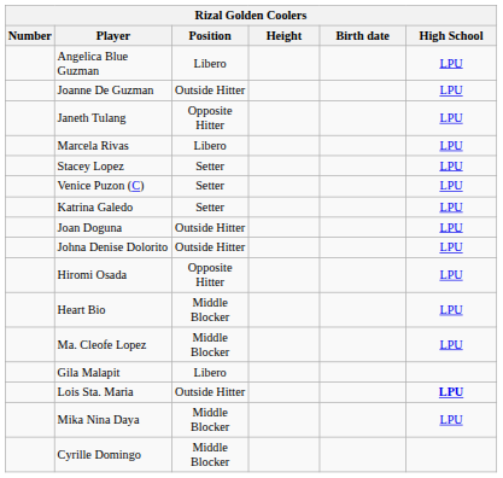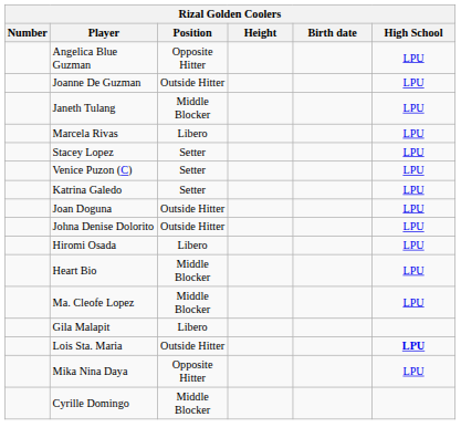 <table class="wikitable sortable" style="font-size:95%; text-align:left;">
 <tr>
 <th colspan="7"><strong>Rizal Golden Coolers</strong></th>
 </tr>
 <tr>
 <th style= "align=center; width:1em;">Number</th>
 <th style= "align=center;width:17em;">Player</th>
 <th style= "align=center; width:9em;">Position</th>
 <th style= "align=center; width:9em;">Height</th>
 <th style= "align=center; width:13em;">Birth date</th>
 <th style= "align=center; width:13em;">High School</th>
 </tr>
 <tr align=center>
 <td></td>
 <td align=left>Angelica Blue Guzman</td>
-<td>Libero</td>
+<td>Opposite Hitter</td>
 <td></td>
 <td></td>
 <td><a href='#'>LPU</a></td>
 </tr>
 <tr align=center>
 <td></td>
 <td align=left>Joanne De Guzman</td>
 <td>Outside Hitter</td>
 <td></td>
 <td></td>
 <td><a href='#'>LPU</a></td>
 </tr>
 <tr align=center>
 <td></td>
 <td align=left>Janeth Tulang</td>
-<td>Opposite Hitter</td>
+<td>Middle Blocker</td>
 <td></td>
 <td></td>
 <td><a href='#'>LPU</a></td>
 </tr>
 <tr align=center>
 <td></td>
 <td align=left>Marcela Rivas</td>
 <td>Libero</td>
 <td></td>
 <td></td>
 <td><a href='#'>LPU</a></td>
 </tr>
 <tr align=center>
 <td></td>
 <td align=left>Stacey Lopez</td>
 <td>Setter</td>
 <td></td>
 <td></td>
 <td><a href='#'>LPU</a></td>
 </tr>
 <tr align=center>
 <td></td>
 <td align=left>Venice Puzon (<a href='#'>C</a>)</td>
 <td>Setter</td>
 <td></td>
 <td></td>
 <td><a href='#'>LPU</a></td>
 </tr>
 <tr align=center>
 <td></td>
 <td align=left>Katrina Galedo</td>
 <td>Setter</td>
 <td></td>
 <td></td>
 <td><a href='#'>LPU</a></td>
 </tr>
 <tr align=center>
 <td></td>
 <td align=left>Joan Doguna</td>
 <td>Outside Hitter</td>
 <td></td>
 <td></td>
 <td><a href='#'>LPU</a></td>
 </tr>
 <tr align=center>
 <td></td>
 <td align=left>Johna Denise Dolorito</td>
 <td>Outside Hitter</td>
 <td></td>
 <td></td>
 <td><a href='#'>LPU</a></td>
 </tr>
 <tr align=center>
 <td></td>
 <td align=left>Hiromi Osada</td>
-<td>Opposite Hitter</td>
+<td>Libero</td>
 <td></td>
 <td></td>
 <td><a href='#'>LPU</a></td>
 </tr>
 <tr align=center>
 <td></td>
 <td align=left>Heart Bio</td>
 <td>Middle Blocker</td>
 <td></td>
 <td></td>
 <td><a href='#'>LPU</a></td>
 </tr>
 <tr align=center>
 <td></td>
 <td align=left>Ma. Cleofe Lopez</td>
 <td>Middle Blocker</td>
 <td></td>
 <td></td>
 <td><a href='#'>LPU</a></td>
 </tr>
 <tr align=center>
 <td></td>
 <td align=left>Gila Malapit</td>
 <td>Libero</td>
 <td></td>
 <td></td>
 <td></td>
 </tr>
 <tr align=center>
 <td></td>
 <td align=left>Lois Sta. Maria</td>
 <td>Outside Hitter</td>
 <td></td>
 <td></td>
 <td><strong><a href='#'>LPU</a></strong></td>
 </tr>
 <tr align=center>
 <td></td>
 <td align=left>Mika Nina Daya</td>
-<td>Middle Blocker</td>
+<td>Opposite Hitter</td>
 <td></td>
 <td></td>
 <td><a href='#'>LPU</a></td>
 </tr>
 <tr align=center>
 <td></td>
 <td align=left>Cyrille Domingo</td>
 <td>Middle Blocker</td>
 <td></td>
 <td></td>
 <td></td>
 </tr>
 </table>
